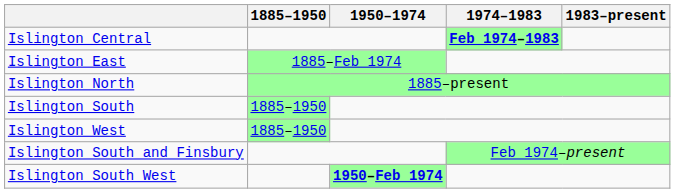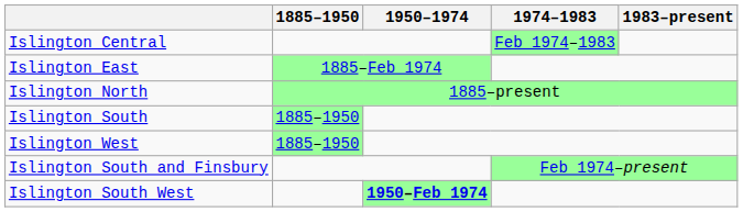 <table class="wikitable">
 <tr>
 <th> </th>
 <th>1885–1950</th>
 <th>1950–1974</th>
 <th>1974–1983</th>
 <th>1983–present</th>
 </tr>
 <tr>
 <td><a href='#'>Islington Central</a></td>
 <td colspan="2"> </td>
-<td colspan="1" bgcolor="#99FF99"><strong><a href='#'>Feb 1974</a>–<a href='#'>1983</a></strong></td>
+<td colspan="1" bgcolor="#99FF99"><a href='#'>Feb 1974</a>–<a href='#'>1983</a></td>
 <td colspan="1"> </td>
 </tr>
 <tr>
 <td><a href='#'>Islington East</a></td>
 <td colspan="2" align="center" bgcolor="#99FF99"><a href='#'>1885</a>–<a href='#'>Feb 1974</a></td>
 <td colspan="2"> </td>
 </tr>
 <tr>
 <td><a href='#'>Islington North</a></td>
 <td colspan="4" align="center" bgcolor="#99FF99"><a href='#'>1885</a>–present</td>
 </tr>
 <tr>
 <td><a href='#'>Islington South</a></td>
 <td colspan="1" bgcolor="#99FF99"><a href='#'>1885</a>–<a href='#'>1950</a></td>
 <td colspan="3"> </td>
 </tr>
 <tr>
 <td><a href='#'>Islington West</a></td>
 <td colspan="1" bgcolor="#99FF99"><a href='#'>1885</a>–<a href='#'>1950</a></td>
 <td colspan="3"> </td>
 </tr>
 <tr>
 <td><a href='#'>Islington South and Finsbury</a></td>
 <td colspan="2"> </td>
 <td colspan="2" align="center" bgcolor="#99FF99"><a href='#'>Feb 1974</a>–<em>present</em></td>
 </tr>
 <tr>
 <td><a href='#'>Islington South West</a></td>
 <td colspan="1"> </td>
 <td colspan="1" bgcolor="#99FF99"><strong><a href='#'>1950</a>–<a href='#'>Feb 1974</a></strong></td>
 <td colspan="2"> </td>
 </tr>
 </table>
